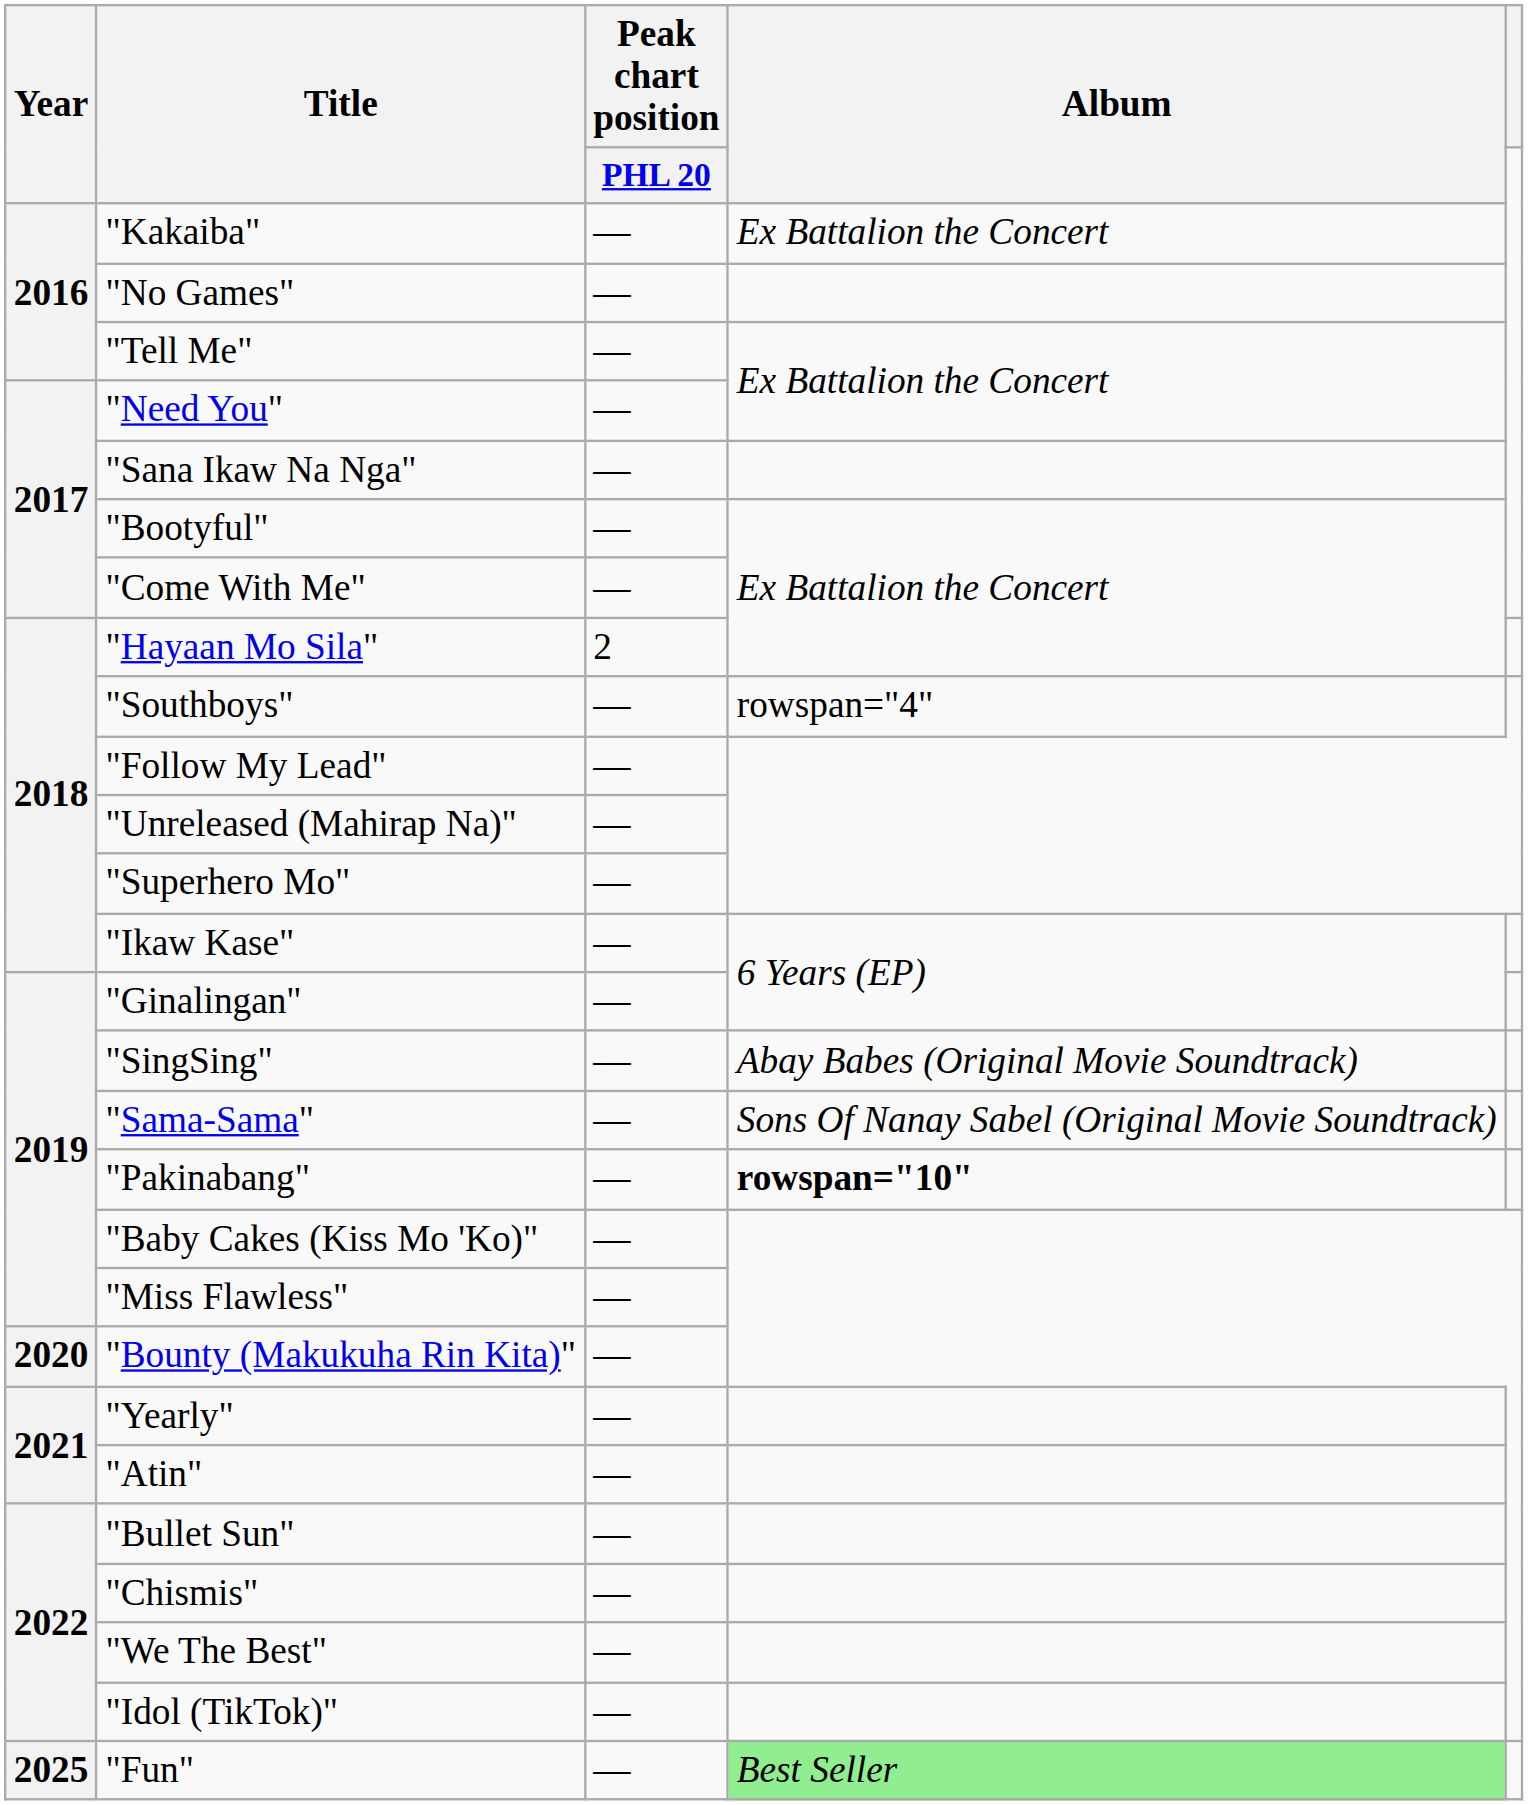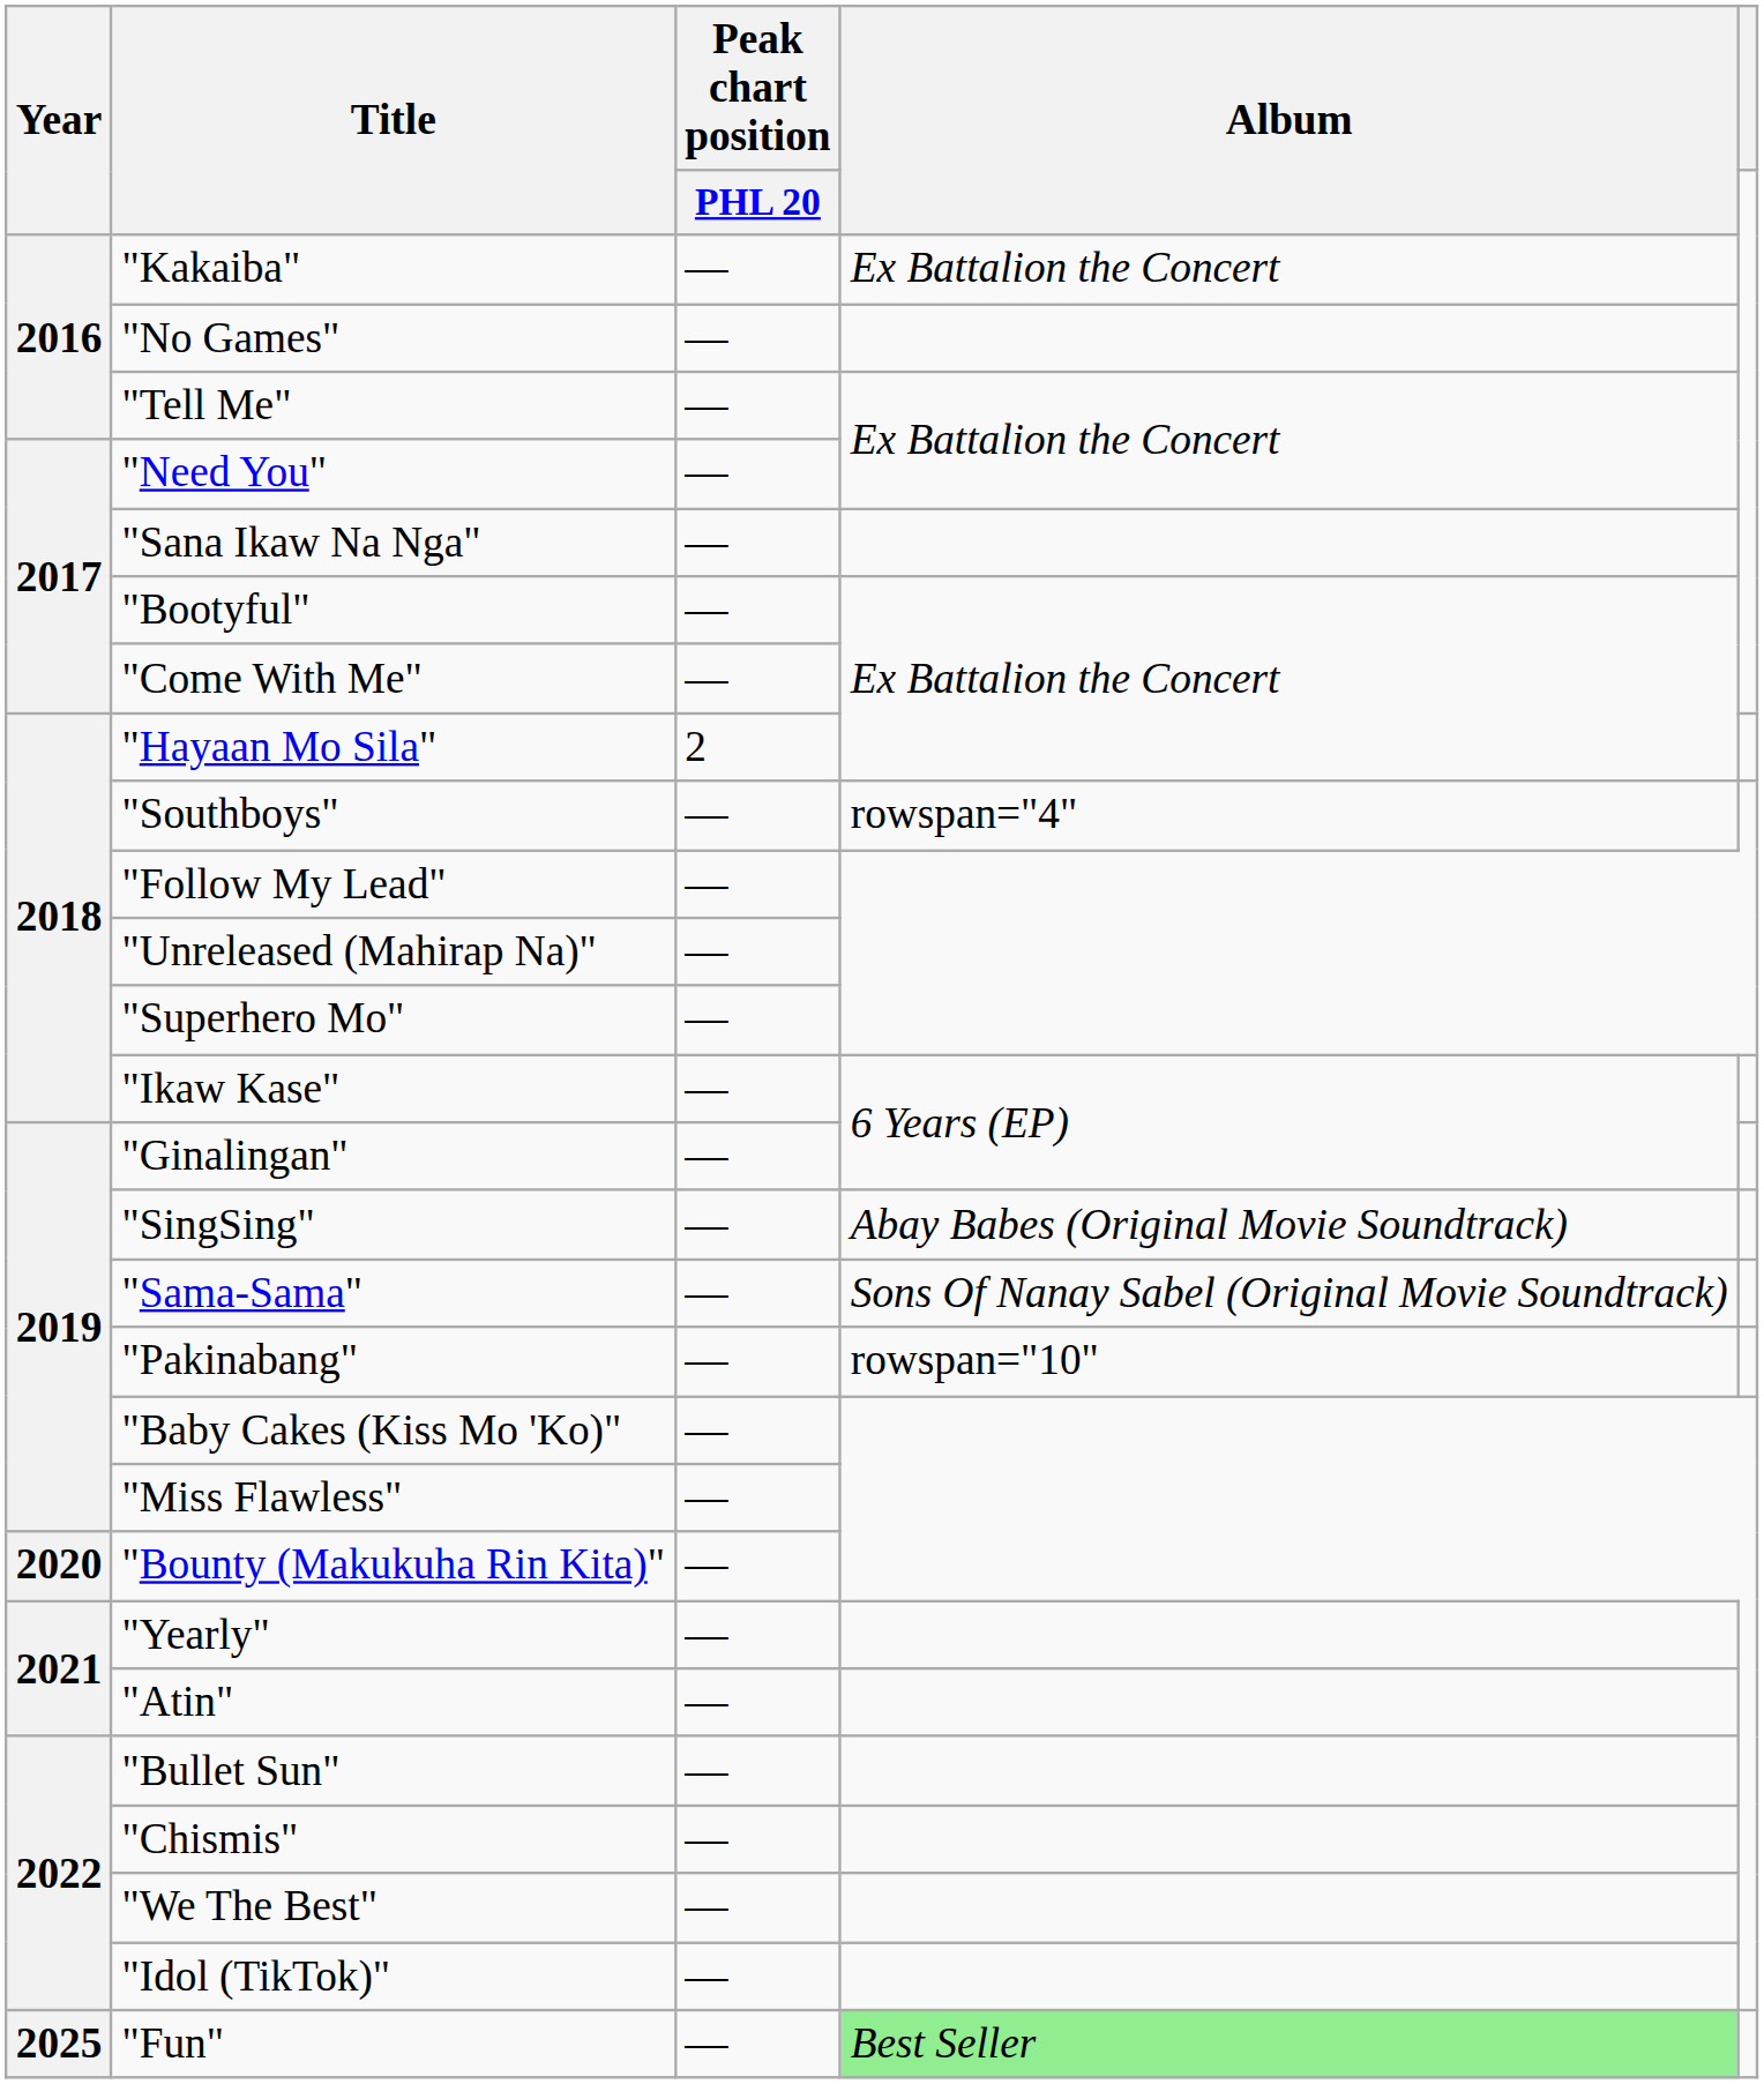 <table class="wikitable plainrowheaders">
 <tr>
 <th rowspan="2" scope="col">Year</th>
 <th scope="col" rowspan="2">Title</th>
 <th colspan="1" scope="col">Peak chart position</th>
 <th scope="col" rowspan="2">Album</th>
 <th scope="col" class="unsortable"></th>
 </tr>
 <tr>
 <th scope="col" style="font-size:90%; width:3em"><a href='#'>PHL 20</a><br></th>
 </tr>
 <tr>
 <th scope="row" rowspan="3">2016</th>
 <td>"Kakaiba"<br></td>
 <td>—</td>
 <td><em>Ex Battalion the Concert</em></td>
 </tr>
 <tr>
 <td>"No Games"<br></td>
 <td>—</td>
 <td></td>
 </tr>
 <tr>
 <td>"Tell Me"</td>
 <td>—</td>
 <td rowspan="2"><em>Ex Battalion the Concert</em></td>
 </tr>
 <tr>
 <th scope="row" rowspan="4">2017</th>
 <td>"<a href='#'>Need You</a>"</td>
 <td>—</td>
 </tr>
 <tr>
 <td>"Sana Ikaw Na Nga"<br></td>
 <td>—</td>
 <td></td>
 </tr>
 <tr>
 <td>"Bootyful"<br></td>
 <td>—</td>
 <td rowspan="3"><em>Ex Battalion the Concert</em></td>
 </tr>
 <tr>
 <td>"Come With Me"<br></td>
 <td>—</td>
 </tr>
 <tr>
 <th scope="row" rowspan="6">2018</th>
 <td>"<a href='#'>Hayaan Mo Sila</a>"<br></td>
 <td>2</td>
 <td></td>
 </tr>
 <tr>
 <td>"Southboys"<br></td>
 <td>—</td>
 <td>rowspan="4" </td>
 </tr>
 <tr>
 <td>"Follow My Lead"<br></td>
 <td>—</td>
 </tr>
 <tr>
 <td>"Unreleased (Mahirap Na)"<br></td>
 <td>—</td>
 </tr>
 <tr>
 <td>"Superhero Mo"<br></td>
 <td>—</td>
 </tr>
 <tr>
 <td>"Ikaw Kase"</td>
 <td>—</td>
 <td rowspan="2"><em>6 Years (EP)</em></td>
 <td></td>
 </tr>
 <tr>
 <th scope="row" rowspan="6">2019</th>
 <td>"Ginalingan"</td>
 <td>—</td>
 </tr>
 <tr>
 <td>"SingSing"</td>
 <td>—</td>
 <td><em>Abay Babes (Original Movie Soundtrack)</em></td>
 <td></td>
 </tr>
 <tr>
 <td>"<a href='#'>Sama-Sama</a>"</td>
 <td>—</td>
 <td><em>Sons Of Nanay Sabel (Original Movie Soundtrack)</em></td>
 </tr>
 <tr>
 <td>"Pakinabang"</td>
 <td>—</td>
-<td><strong>rowspan="10" </strong></td>
+<td>rowspan="10" </td>
 <td></td>
 </tr>
 <tr>
 <td>"Baby Cakes (Kiss Mo 'Ko)"<br></td>
 <td>—</td>
 </tr>
 <tr>
 <td>"Miss Flawless"</td>
 <td>—</td>
 </tr>
 <tr>
 <th scope="row">2020</th>
 <td>"<a href='#'>Bounty (Makukuha Rin Kita)</a>"</td>
 <td>—</td>
 </tr>
 <tr>
 <th scope="row" rowspan="2">2021</th>
 <td>"Yearly"</td>
 <td>—</td>
 <td></td>
 </tr>
 <tr>
 <td>"Atin"</td>
 <td>—</td>
 <td></td>
 </tr>
 <tr>
 <th scope="row" rowspan="4">2022</th>
 <td>"Bullet Sun"</td>
 <td>—</td>
 <td></td>
 </tr>
 <tr>
 <td>"Chismis"</td>
 <td>—</td>
 <td></td>
 </tr>
 <tr>
 <td>"We The Best"</td>
 <td>—</td>
 <td></td>
 </tr>
 <tr>
 <td>"Idol (TikTok)"</td>
 <td>—</td>
 <td></td>
 </tr>
 <tr>
 <th scope="row">2025</th>
 <td>"Fun"</td>
 <td>—</td>
 <td style="background: lightgreen;"><em>Best Seller</em></td>
 <td></td>
 </tr>
 </table>
